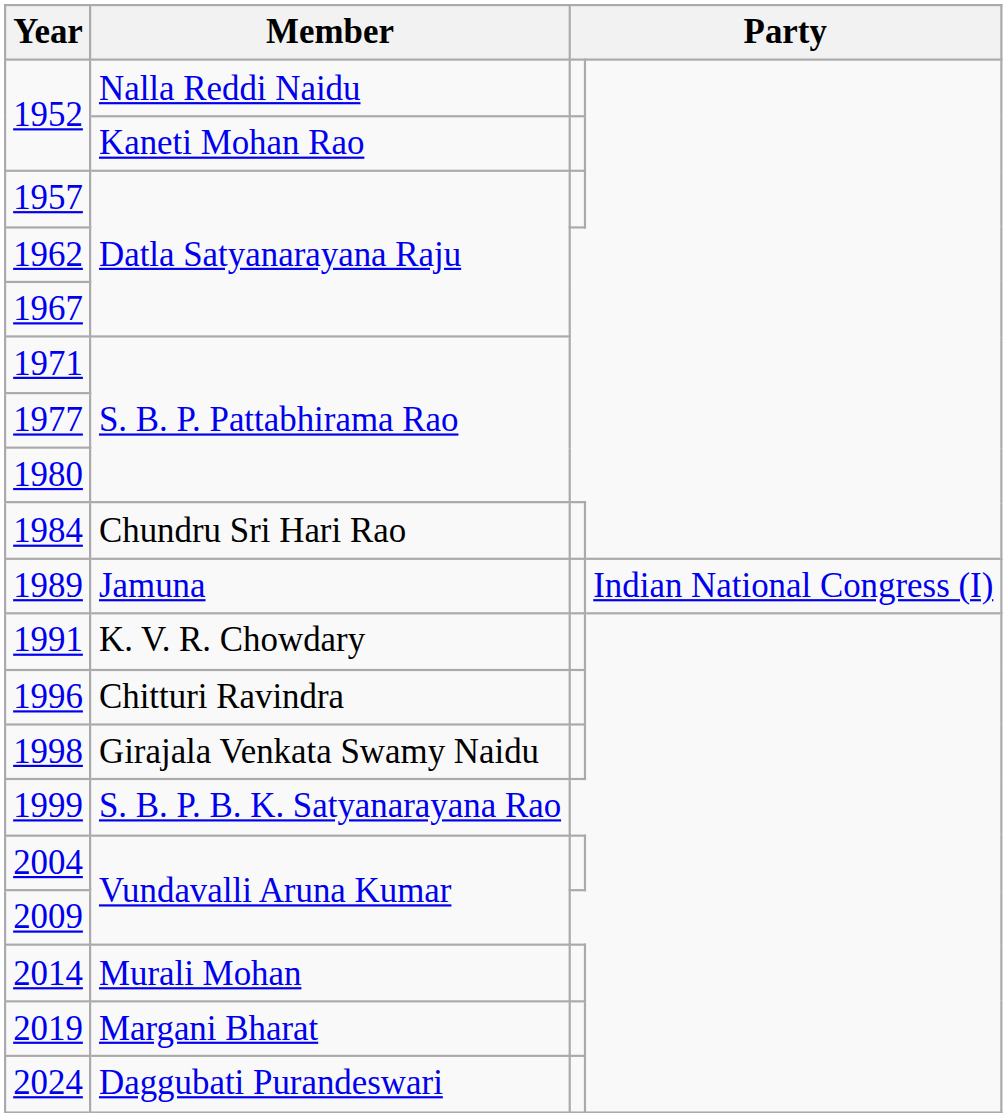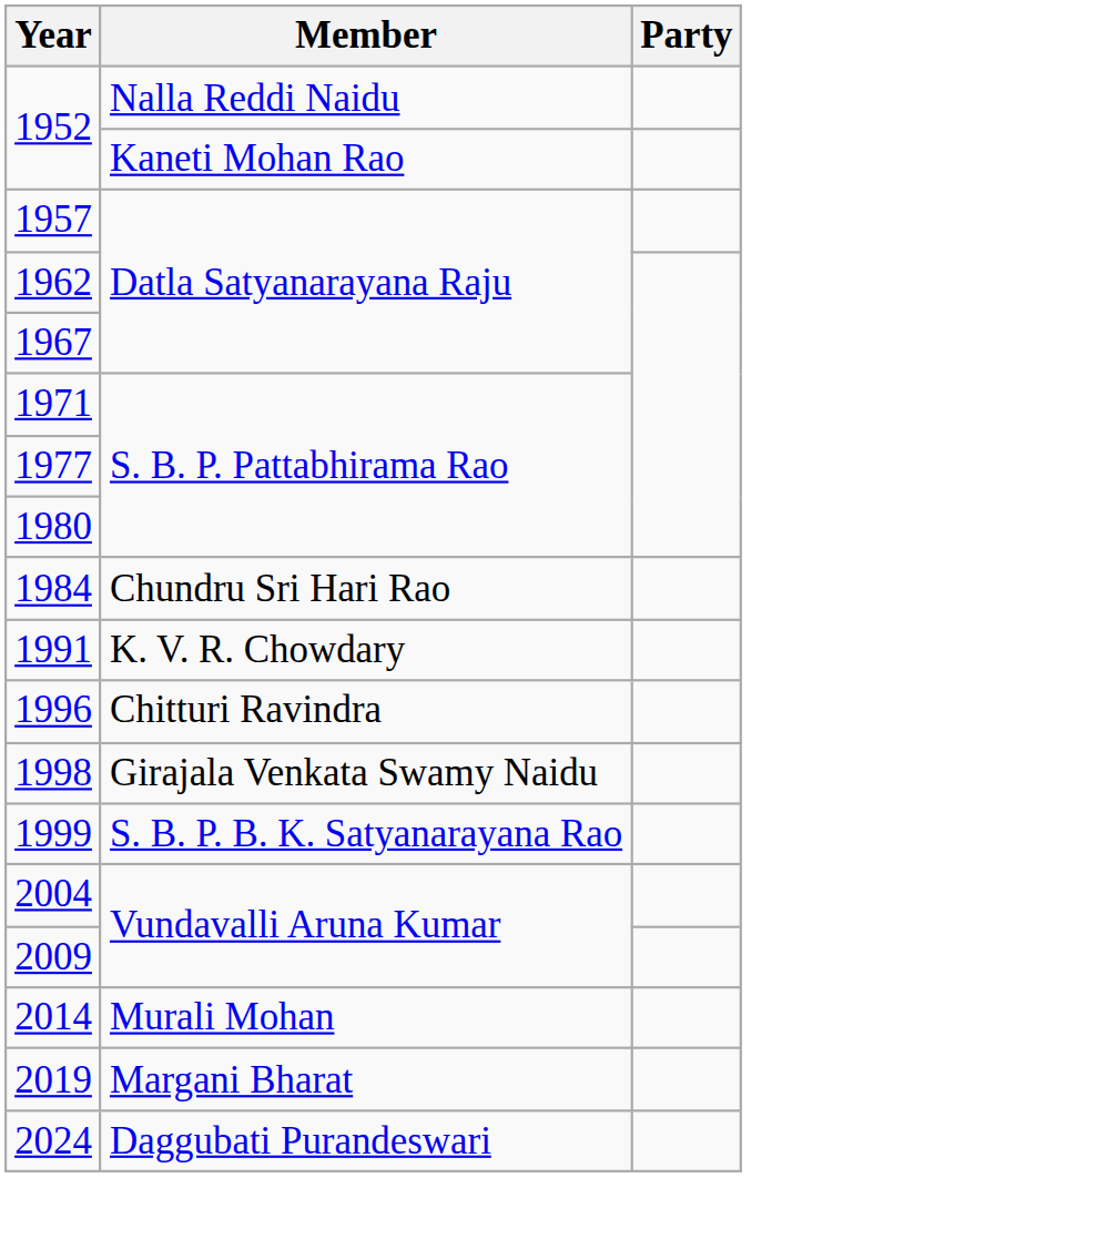 <table class="wikitable sortable">
 <tr>
 <th>Year</th>
 <th>Member</th>
 <th colspan="2">Party</th>
 </tr>
 <tr>
 <td rowspan="2"><a href='#'>1952</a></td>
 <td><a href='#'>Nalla Reddi Naidu</a></td>
 <td></td>
 </tr>
 <tr>
 <td><a href='#'>Kaneti Mohan Rao</a></td>
 <td></td>
 </tr>
 <tr>
 <td><a href='#'>1957</a></td>
 <td rowspan=3><a href='#'>Datla Satyanarayana Raju</a></td>
 <td></td>
 </tr>
 <tr>
 <td><a href='#'>1962</a></td>
 </tr>
 <tr>
 <td><a href='#'>1967</a></td>
 </tr>
 <tr>
 <td><a href='#'>1971</a></td>
 <td rowspan=3><a href='#'>S. B. P. Pattabhirama Rao</a></td>
 </tr>
 <tr>
 <td><a href='#'>1977</a></td>
 </tr>
 <tr>
 <td><a href='#'>1980</a></td>
 </tr>
 <tr>
 <td><a href='#'>1984</a></td>
 <td>Chundru Sri Hari Rao</td>
 <td></td>
-</tr>
-<tr>
-<td><a href='#'>1989</a></td>
-<td><a href='#'>Jamuna</a></td>
-<td style="background-color: "></td>
-<td><a href='#'>Indian National Congress (I)</a></td>
 </tr>
 <tr>
 <td><a href='#'>1991</a></td>
 <td>K. V. R. Chowdary</td>
 <td></td>
 </tr>
 <tr>
 <td><a href='#'>1996</a></td>
 <td>Chitturi Ravindra</td>
 <td></td>
 </tr>
 <tr>
 <td><a href='#'>1998</a></td>
 <td>Girajala Venkata Swamy Naidu</td>
 <td></td>
 </tr>
 <tr>
 <td><a href='#'>1999</a></td>
 <td><a href='#'>S. B. P. B. K. Satyanarayana Rao</a></td>
 </tr>
 <tr>
 <td><a href='#'>2004</a></td>
 <td rowspan="2"><a href='#'>Vundavalli Aruna Kumar</a></td>
 <td></td>
 </tr>
 <tr>
 <td><a href='#'>2009</a></td>
 </tr>
 <tr>
 <td><a href='#'>2014</a></td>
 <td><a href='#'>Murali Mohan</a></td>
 <td></td>
 </tr>
 <tr>
 <td><a href='#'>2019</a></td>
 <td><a href='#'>Margani Bharat</a></td>
 <td></td>
 </tr>
 <tr>
 <td><a href='#'>2024</a></td>
 <td><a href='#'>Daggubati Purandeswari</a></td>
 <td></td>
 </tr>
 </table>
